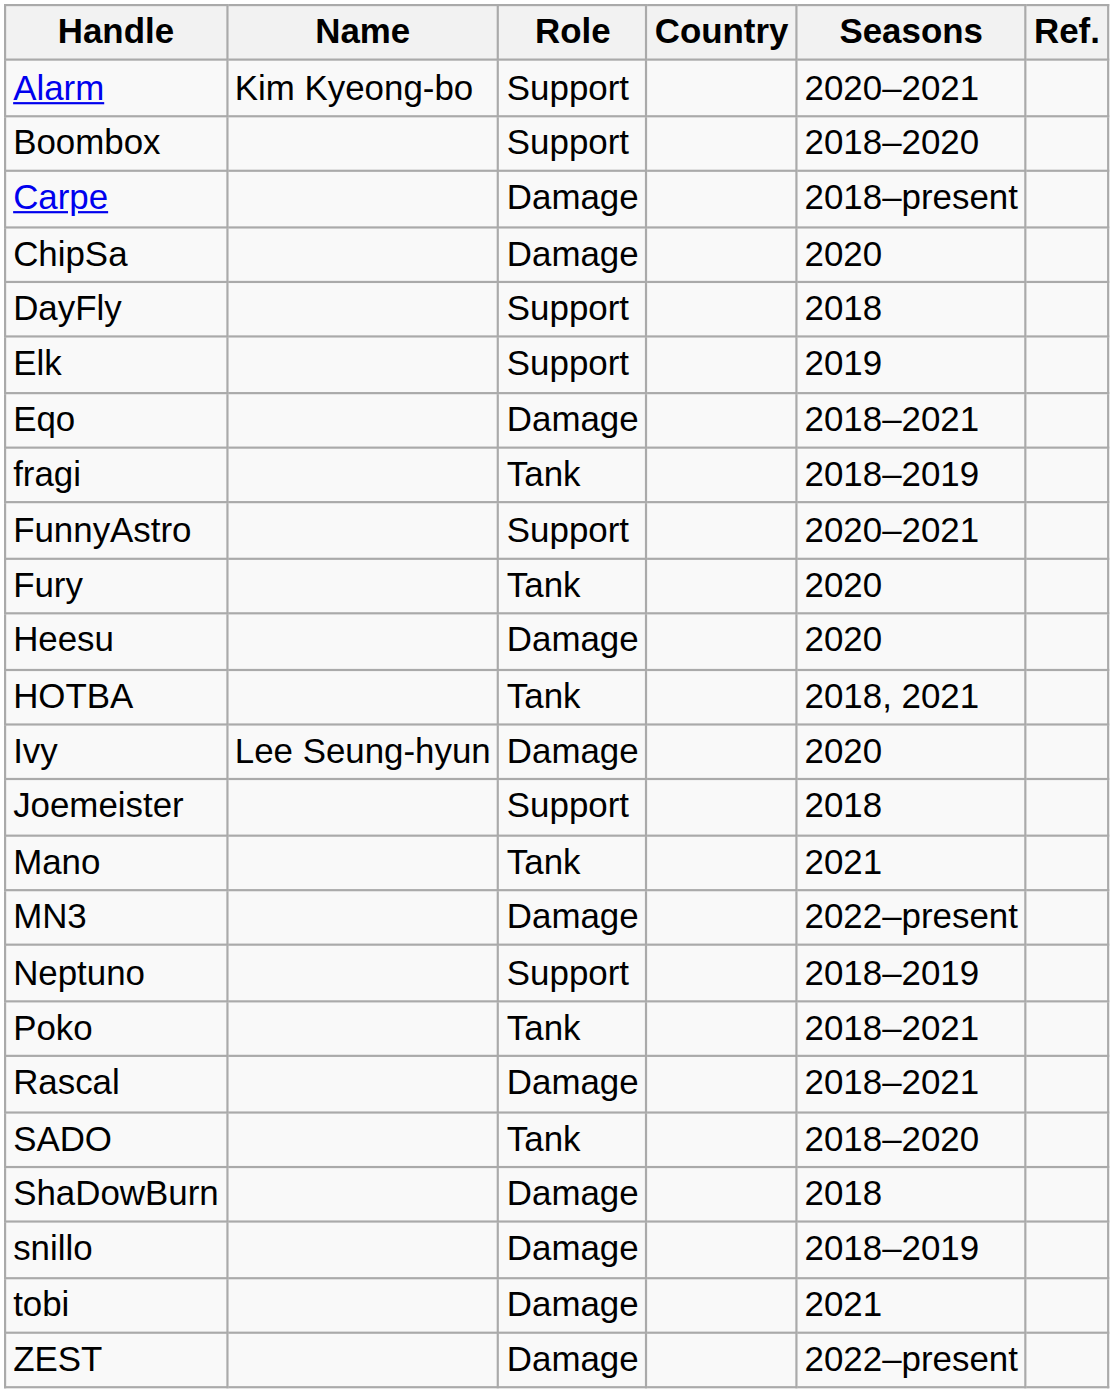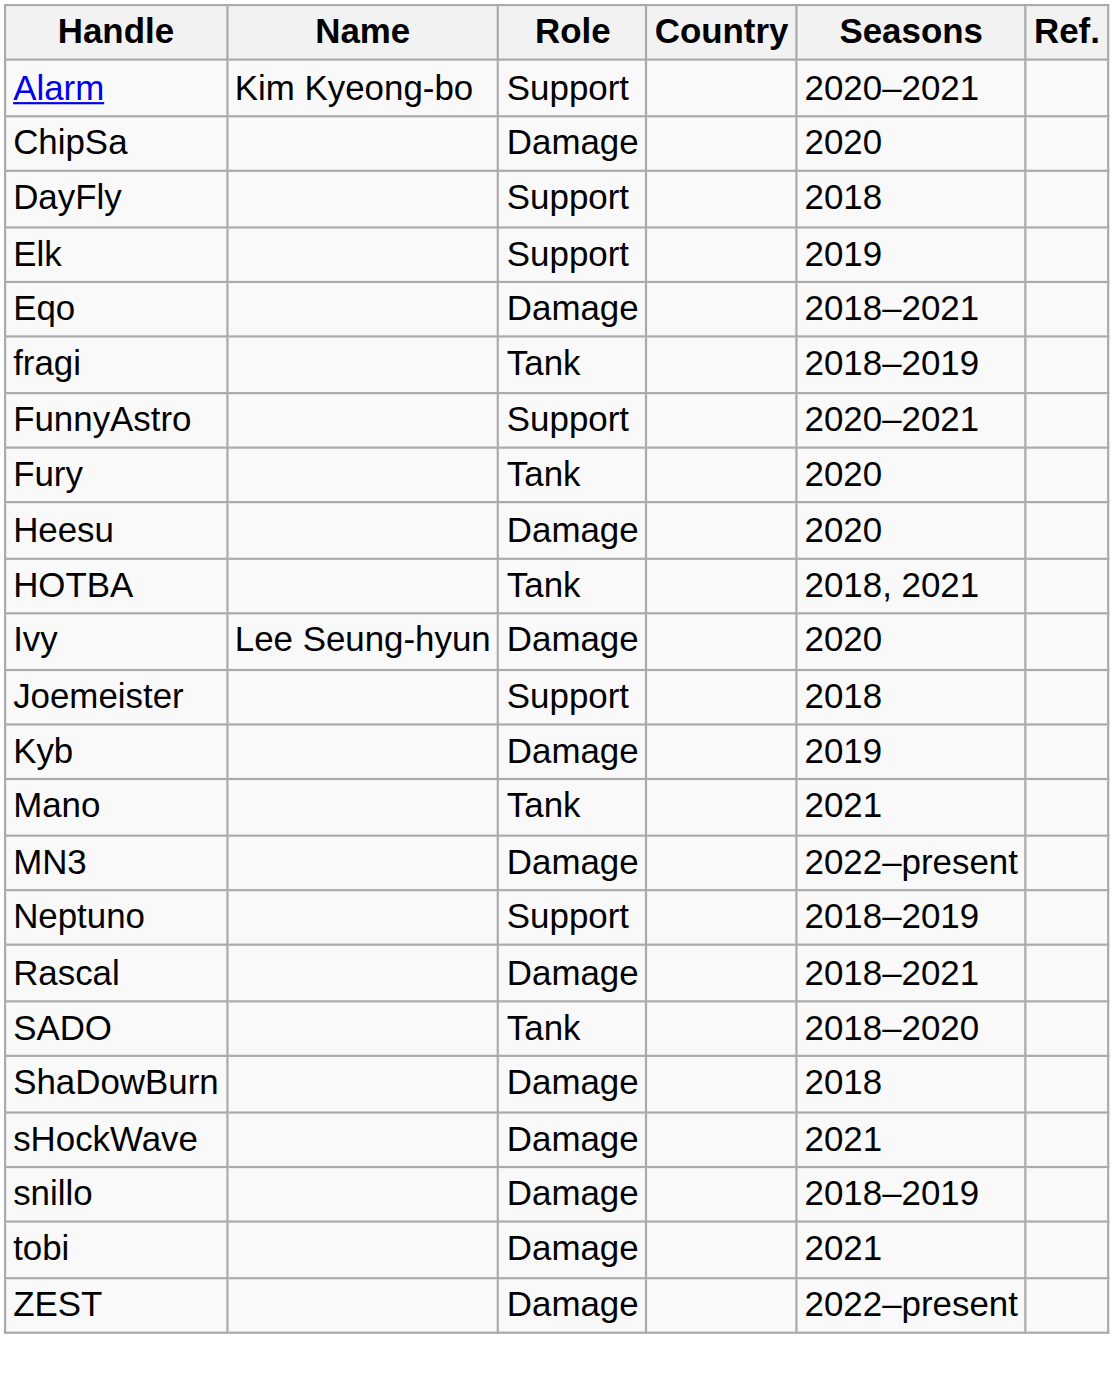 <table class="wikitable sortable" style="text-align:left;">
 <tr>
 <th style="background-color:#">Handle</th>
 <th style="background-color:#">Name</th>
 <th style="background-color:#">Role</th>
 <th style="background-color:#">Country</th>
 <th style="background-color:#">Seasons</th>
 <th style="background-color:#">Ref.</th>
 </tr>
 <tr>
 <td><a href='#'>Alarm</a></td>
 <td>Kim Kyeong-bo</td>
 <td>Support</td>
 <td></td>
 <td>2020–2021</td>
-<td></td>
-</tr>
-<tr>
-<td>Boombox</td>
-<td></td>
-<td>Support</td>
-<td></td>
-<td>2018–2020</td>
-<td></td>
-</tr>
-<tr>
-<td><a href='#'>Carpe</a></td>
-<td></td>
-<td>Damage</td>
-<td></td>
-<td>2018–present</td>
 <td></td>
 </tr>
 <tr>
 <td>ChipSa</td>
 <td></td>
 <td>Damage</td>
 <td></td>
 <td>2020</td>
 <td></td>
 </tr>
 <tr>
 <td>DayFly</td>
 <td></td>
 <td>Support</td>
 <td></td>
 <td>2018</td>
 <td></td>
 </tr>
 <tr>
 <td>Elk</td>
 <td></td>
 <td>Support</td>
 <td></td>
 <td>2019</td>
 <td></td>
 </tr>
 <tr>
 <td>Eqo</td>
 <td></td>
 <td>Damage</td>
 <td></td>
 <td>2018–2021</td>
 <td></td>
 </tr>
 <tr>
 <td>fragi</td>
 <td></td>
 <td>Tank</td>
 <td></td>
 <td>2018–2019</td>
 <td></td>
 </tr>
 <tr>
 <td>FunnyAstro</td>
 <td></td>
 <td>Support</td>
 <td></td>
 <td>2020–2021</td>
 <td></td>
 </tr>
 <tr>
 <td>Fury</td>
 <td></td>
 <td>Tank</td>
 <td></td>
 <td>2020</td>
 <td></td>
 </tr>
 <tr>
 <td>Heesu</td>
 <td></td>
 <td>Damage</td>
 <td></td>
 <td>2020</td>
 <td></td>
 </tr>
 <tr>
 <td>HOTBA</td>
 <td></td>
 <td>Tank</td>
 <td></td>
 <td>2018, 2021</td>
 <td></td>
 </tr>
 <tr>
 <td>Ivy</td>
 <td>Lee Seung-hyun</td>
 <td>Damage</td>
 <td></td>
 <td>2020</td>
 <td></td>
 </tr>
 <tr>
 <td>Joemeister</td>
 <td></td>
 <td>Support</td>
 <td></td>
 <td>2018</td>
 <td></td>
 </tr>
 <tr>
+<td>Kyb</td>
+<td></td>
+<td>Damage</td>
+<td></td>
+<td>2019</td>
+<td></td>
+</tr>
+<tr>
 <td>Mano</td>
 <td></td>
 <td>Tank</td>
 <td></td>
 <td>2021</td>
 <td></td>
 </tr>
 <tr>
 <td>MN3</td>
 <td></td>
 <td>Damage</td>
 <td></td>
 <td>2022–present</td>
 <td></td>
 </tr>
 <tr>
 <td>Neptuno</td>
 <td></td>
 <td>Support</td>
 <td></td>
 <td>2018–2019</td>
-<td></td>
-</tr>
-<tr>
-<td>Poko</td>
-<td></td>
-<td>Tank</td>
-<td></td>
-<td>2018–2021</td>
 <td></td>
 </tr>
 <tr>
 <td>Rascal</td>
 <td></td>
 <td>Damage</td>
 <td></td>
 <td>2018–2021</td>
 <td></td>
 </tr>
 <tr>
 <td>SADO</td>
 <td></td>
 <td>Tank</td>
 <td></td>
 <td>2018–2020</td>
 <td></td>
 </tr>
 <tr>
 <td>ShaDowBurn</td>
 <td></td>
 <td>Damage</td>
 <td></td>
 <td>2018</td>
 <td></td>
 </tr>
 <tr>
+<td>sHockWave</td>
+<td></td>
+<td>Damage</td>
+<td></td>
+<td>2021</td>
+<td></td>
+</tr>
+<tr>
 <td>snillo</td>
 <td></td>
 <td>Damage</td>
 <td></td>
 <td>2018–2019</td>
 <td></td>
 </tr>
 <tr>
 <td>tobi</td>
 <td></td>
 <td>Damage</td>
 <td></td>
 <td>2021</td>
 <td></td>
 </tr>
 <tr>
 <td>ZEST</td>
 <td></td>
 <td>Damage</td>
 <td></td>
 <td>2022–present</td>
 <td></td>
 </tr>
 </table>
